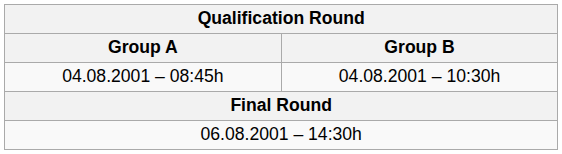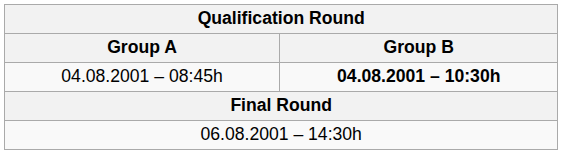 <table class="wikitable" style=" text-align:center; font-size:110%;" width="35%">
 <tr>
 <th colspan="2">Qualification Round</th>
 </tr>
 <tr>
 <th>Group A</th>
 <th>Group B</th>
 </tr>
 <tr>
 <td>04.08.2001 – 08:45h</td>
-<td>04.08.2001 – 10:30h</td>
+<td><strong>04.08.2001 – 10:30h</strong></td>
 </tr>
 <tr>
 <th colspan="2">Final Round</th>
 </tr>
 <tr>
 <td colspan="2">06.08.2001 – 14:30h</td>
 </tr>
 </table>
